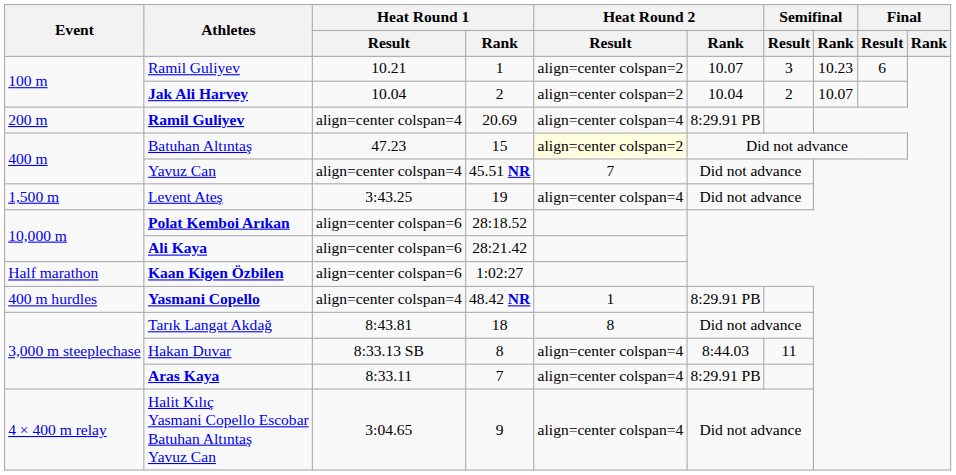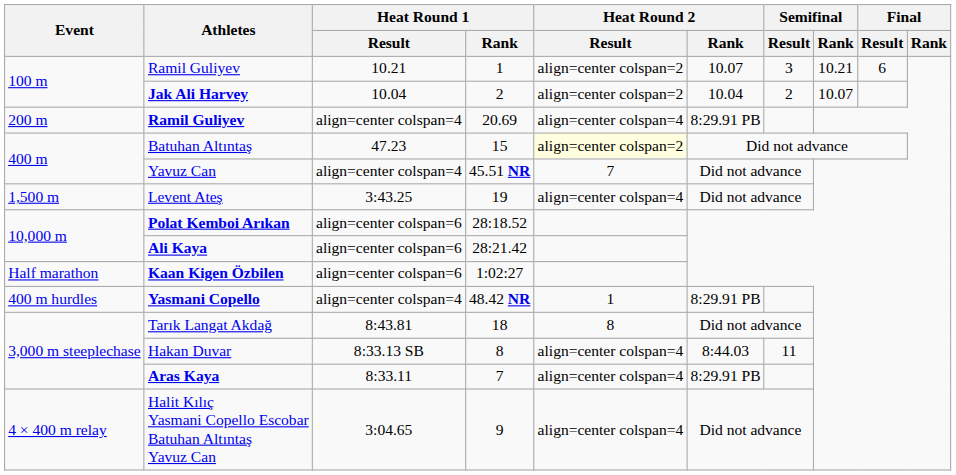 <table class="wikitable" border="1" style="font-size:90%">
 <tr>
 <th rowspan="2">Event</th>
 <th rowspan="2">Athletes</th>
 <th colspan="2">Heat Round 1</th>
 <th colspan="2">Heat Round 2</th>
 <th colspan="2">Semifinal</th>
 <th colspan="2">Final</th>
 </tr>
 <tr>
 <th>Result</th>
 <th>Rank</th>
 <th>Result</th>
 <th>Rank</th>
 <th>Result</th>
 <th>Rank</th>
 <th>Result</th>
 <th>Rank</th>
 </tr>
 <tr>
 <td rowspan=2><a href='#'>100 m</a></td>
 <td><a href='#'>Ramil Guliyev</a></td>
 <td align=center>10.21</td>
 <td align=center>1</td>
 <td>align=center colspan=2 </td>
 <td align=center>10.07</td>
 <td align=center>3</td>
-<td align=center>10.23</td>
+<td align=center>10.21</td>
 <td align=center>6</td>
 </tr>
 <tr>
 <td><strong><a href='#'>Jak Ali Harvey</a></strong></td>
 <td align=center>10.04</td>
 <td align=center>2</td>
 <td>align=center colspan=2 </td>
 <td align=center>10.04</td>
 <td align=center>2</td>
 <td align=center>10.07</td>
 <td align=center bgcolor=></td>
 </tr>
 <tr>
 <td rowspan=1><a href='#'>200 m</a></td>
 <td><strong><a href='#'>Ramil Guliyev</a></strong></td>
 <td>align=center colspan=4 </td>
 <td align=center>20.69</td>
 <td>align=center colspan=4 </td>
 <td align=center>8:29.91 PB</td>
 <td align=center bgcolor=></td>
 </tr>
 <tr>
 <td rowspan=2><a href='#'>400 m</a></td>
 <td><a href='#'>Batuhan Altıntaş</a></td>
 <td align=center>47.23</td>
 <td align=center>15</td>
 <td style="background: lightyellow;">align=center colspan=2 </td>
 <td align=center colspan=4>Did not advance</td>
 </tr>
 <tr>
 <td><a href='#'>Yavuz Can</a></td>
 <td>align=center colspan=4 </td>
 <td align=center>45.51 <strong><a href='#'>NR</a></strong></td>
 <td align=center>7</td>
 <td align=center colspan=2>Did not advance</td>
 </tr>
 <tr>
 <td rowspan=1><a href='#'>1,500 m</a></td>
 <td><a href='#'>Levent Ateş</a></td>
 <td align=center>3:43.25</td>
 <td align=center>19</td>
 <td>align=center colspan=4 </td>
 <td align=center colspan=2>Did not advance</td>
 </tr>
 <tr>
 <td rowspan=2><a href='#'>10,000 m</a></td>
 <td><strong><a href='#'>Polat Kemboi Arıkan</a></strong></td>
 <td>align=center colspan=6 </td>
 <td align=center>28:18.52</td>
 <td align=center bgcolor=></td>
 </tr>
 <tr>
 <td><strong><a href='#'>Ali Kaya</a></strong></td>
 <td>align=center colspan=6 </td>
 <td align=center>28:21.42</td>
 <td align=center bgcolor=></td>
 </tr>
 <tr>
 <td rowspan=1><a href='#'>Half marathon</a></td>
 <td><strong><a href='#'>Kaan Kigen Özbilen</a></strong></td>
 <td>align=center colspan=6 </td>
 <td align=center>1:02:27</td>
 <td align=center bgcolor=></td>
 </tr>
 <tr>
 <td rowspan=1><a href='#'>400 m hurdles</a></td>
 <td><strong><a href='#'>Yasmani Copello</a></strong></td>
 <td>align=center colspan=4 </td>
 <td align=center>48.42 <strong><a href='#'>NR</a></strong></td>
 <td align=center>1</td>
 <td align=center>8:29.91 PB</td>
 <td align=center bgcolor=></td>
 </tr>
 <tr>
 <td rowspan=3><a href='#'>3,000 m steeplechase</a></td>
 <td><a href='#'>Tarık Langat Akdağ</a></td>
 <td align=center>8:43.81</td>
 <td align=center>18</td>
 <td align=center>8</td>
 <td align=center colspan=2>Did not advance</td>
 </tr>
 <tr>
 <td><a href='#'>Hakan Duvar</a></td>
 <td align=center>8:33.13 SB</td>
 <td align=center>8</td>
 <td>align=center colspan=4 </td>
 <td align=center>8:44.03</td>
 <td align=center>11</td>
 </tr>
 <tr>
 <td><strong><a href='#'>Aras Kaya</a></strong></td>
 <td align=center>8:33.11</td>
 <td align=center>7</td>
 <td>align=center colspan=4 </td>
 <td align=center>8:29.91 PB</td>
 <td align=center bgcolor=></td>
 </tr>
 <tr>
 <td rowspan=1><a href='#'>4 × 400 m relay</a></td>
 <td><a href='#'>Halit Kılıç</a><br><a href='#'>Yasmani Copello Escobar</a><br><a href='#'>Batuhan Altıntaş</a><br><a href='#'>Yavuz Can</a></td>
 <td align=center>3:04.65</td>
 <td align=center>9</td>
 <td>align=center colspan=4 </td>
 <td align=center colspan=2>Did not advance</td>
 </tr>
 </table>
